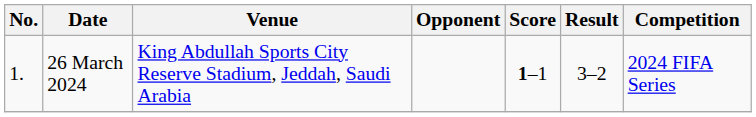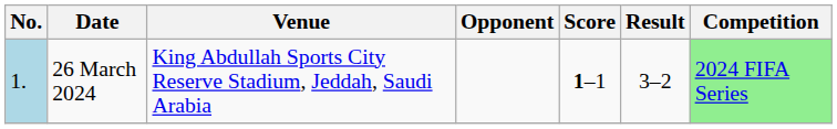 <table class="wikitable">
 <tr>
 <th>No.</th>
 <th>Date</th>
 <th>Venue</th>
 <th>Opponent</th>
 <th>Score</th>
 <th>Result</th>
 <th>Competition</th>
 </tr>
 <tr>
-<td>1.</td>
+<td style="background: lightblue;">1.</td>
 <td>26 March 2024</td>
 <td><a href='#'>King Abdullah Sports City Reserve Stadium</a>, <a href='#'>Jeddah</a>, <a href='#'>Saudi Arabia</a></td>
 <td></td>
 <td align=center><strong>1</strong>–1</td>
 <td align=center>3–2</td>
-<td><a href='#'>2024 FIFA Series</a></td>
+<td style="background: lightgreen;"><a href='#'>2024 FIFA Series</a></td>
 </tr>
 <tr>
 </tr>
 </table>
